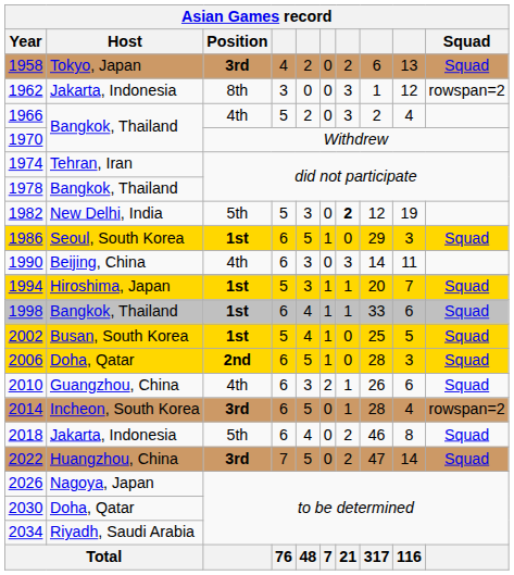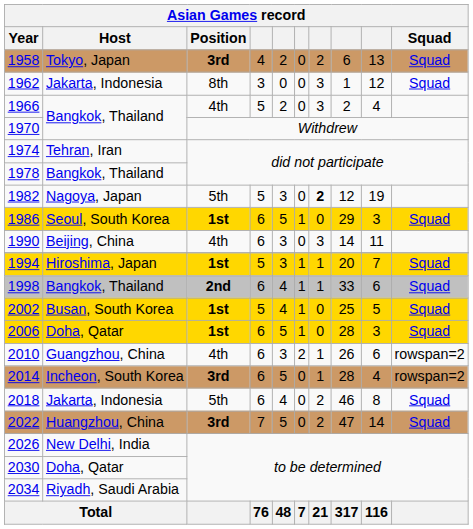 <table class="wikitable" style="text-align: center;">
 <tr>
 <th colspan=10><a href='#'>Asian Games</a> record</th>
 </tr>
 <tr>
 <th>Year</th>
 <th>Host</th>
 <th>Position</th>
 <th></th>
 <th></th>
 <th></th>
 <th></th>
 <th></th>
 <th></th>
 <th>Squad</th>
 </tr>
 <tr bgcolor=cc9966>
 <td><a href='#'>1958</a></td>
 <td align=left> <a href='#'>Tokyo</a>, Japan</td>
 <td><strong>3rd</strong></td>
 <td>4</td>
 <td>2</td>
 <td>0</td>
 <td>2</td>
 <td>6</td>
 <td>13</td>
 <td><a href='#'>Squad</a></td>
 </tr>
 <tr>
 <td><a href='#'>1962</a></td>
 <td align=left> <a href='#'>Jakarta</a>, Indonesia</td>
 <td>8th</td>
 <td>3</td>
 <td>0</td>
 <td>0</td>
 <td>3</td>
 <td>1</td>
 <td>12</td>
-<td>rowspan=2 </td>
+<td><a href='#'>Squad</a></td>
 </tr>
 <tr>
 <td><a href='#'>1966</a></td>
 <td align=left rowspan=2> <a href='#'>Bangkok</a>, Thailand</td>
 <td>4th</td>
 <td>5</td>
 <td>2</td>
 <td>0</td>
 <td>3</td>
 <td>2</td>
 <td>4</td>
 </tr>
 <tr>
 <td><a href='#'>1970</a></td>
 <td colspan=9><em>Withdrew</em></td>
 </tr>
 <tr>
 <td><a href='#'>1974</a></td>
 <td align=left> <a href='#'>Tehran</a>, Iran</td>
 <td colspan=9 rowspan=2><em>did not participate</em></td>
 </tr>
 <tr>
 <td><a href='#'>1978</a></td>
 <td align=left> <a href='#'>Bangkok</a>, Thailand</td>
 </tr>
 <tr>
 <td><a href='#'>1982</a></td>
-<td align=left> <a href='#'>New Delhi</a>, India</td>
+<td align=left> <a href='#'>Nagoya</a>, Japan</td>
 <td>5th</td>
 <td>5</td>
 <td>3</td>
 <td>0</td>
 <td><strong>2</strong></td>
 <td>12</td>
 <td>19</td>
 <td></td>
 </tr>
 <tr bgcolor=gold>
 <td><a href='#'>1986</a></td>
 <td align=left> <a href='#'>Seoul</a>, South Korea</td>
 <td><strong>1st</strong></td>
 <td>6</td>
 <td>5</td>
 <td>1</td>
 <td>0</td>
 <td>29</td>
 <td>3</td>
 <td><a href='#'>Squad</a></td>
 </tr>
 <tr>
 <td><a href='#'>1990</a></td>
 <td align=left> <a href='#'>Beijing</a>, China</td>
 <td>4th</td>
 <td>6</td>
 <td>3</td>
 <td>0</td>
 <td>3</td>
 <td>14</td>
 <td>11</td>
 <td></td>
 </tr>
 <tr>
 </tr>
 <tr bgcolor=gold>
 <td><a href='#'>1994</a></td>
 <td align=left> <a href='#'>Hiroshima</a>, Japan</td>
 <td><strong>1st</strong></td>
 <td>5</td>
 <td>3</td>
 <td>1</td>
 <td>1</td>
 <td>20</td>
 <td>7</td>
 <td><a href='#'>Squad</a></td>
 </tr>
 <tr bgcolor=silver>
 <td><a href='#'>1998</a></td>
 <td align=left> <a href='#'>Bangkok</a>, Thailand</td>
-<td><strong>1st</strong></td>
+<td><strong>2nd</strong></td>
 <td>6</td>
 <td>4</td>
 <td>1</td>
 <td>1</td>
 <td>33</td>
 <td>6</td>
 <td><a href='#'>Squad</a></td>
 </tr>
 <tr bgcolor=gold>
 <td><a href='#'>2002</a></td>
 <td align=left> <a href='#'>Busan</a>, South Korea</td>
 <td><strong>1st</strong></td>
 <td>5</td>
 <td>4</td>
 <td>1</td>
 <td>0</td>
 <td>25</td>
 <td>5</td>
 <td><a href='#'>Squad</a></td>
 </tr>
 <tr bgcolor=gold>
 <td><a href='#'>2006</a></td>
 <td align=left> <a href='#'>Doha</a>, Qatar</td>
-<td><strong>2nd</strong></td>
+<td><strong>1st</strong></td>
 <td>6</td>
 <td>5</td>
 <td>1</td>
 <td>0</td>
 <td>28</td>
 <td>3</td>
 <td><a href='#'>Squad</a></td>
 </tr>
 <tr>
 <td><a href='#'>2010</a></td>
 <td align=left> <a href='#'>Guangzhou</a>, China</td>
 <td>4th</td>
 <td>6</td>
 <td>3</td>
 <td>2</td>
 <td>1</td>
 <td>26</td>
 <td>6</td>
-<td><a href='#'>Squad</a></td>
+<td>rowspan=2 </td>
 </tr>
 <tr bgcolor=cc9966>
 <td><a href='#'>2014</a></td>
 <td align=left> <a href='#'>Incheon</a>, South Korea</td>
 <td><strong>3rd</strong></td>
 <td>6</td>
 <td>5</td>
 <td>0</td>
 <td>1</td>
 <td>28</td>
 <td>4</td>
 <td>rowspan=2 </td>
 </tr>
 <tr>
 <td><a href='#'>2018</a></td>
 <td align=left> <a href='#'>Jakarta</a>, Indonesia</td>
 <td>5th</td>
 <td>6</td>
 <td>4</td>
 <td>0</td>
 <td>2</td>
 <td>46</td>
 <td>8</td>
 <td><a href='#'>Squad</a></td>
 </tr>
 <tr bgcolor=cc9966>
 <td><a href='#'>2022</a></td>
 <td align=left> <a href='#'>Huangzhou</a>, China</td>
 <td><strong>3rd</strong></td>
 <td>7</td>
 <td>5</td>
 <td>0</td>
 <td>2</td>
 <td>47</td>
 <td>14</td>
 <td><a href='#'>Squad</a></td>
 </tr>
 <tr>
 <td><a href='#'>2026</a></td>
-<td align=left> <a href='#'>Nagoya</a>, Japan</td>
+<td align=left> <a href='#'>New Delhi</a>, India</td>
 <td colspan=9 rowspan=3><em>to be determined</em></td>
 </tr>
 <tr>
 <td><a href='#'>2030</a></td>
 <td align=left> <a href='#'>Doha</a>, Qatar</td>
 </tr>
 <tr>
 <td><a href='#'>2034</a></td>
 <td align=left> <a href='#'>Riyadh</a>, Saudi Arabia</td>
 </tr>
 <tr>
 <th colspan=2>Total</th>
 <th></th>
 <th>76</th>
 <th>48</th>
 <th>7</th>
 <th>21</th>
 <th>317</th>
 <th>116</th>
 <th></th>
 </tr>
 </table>
